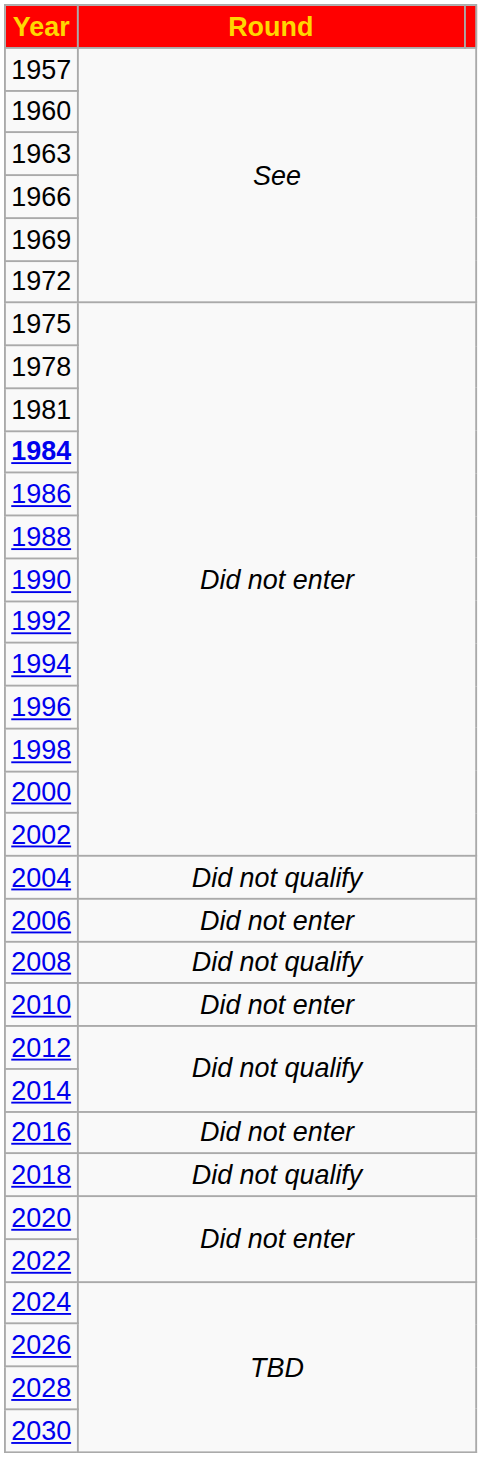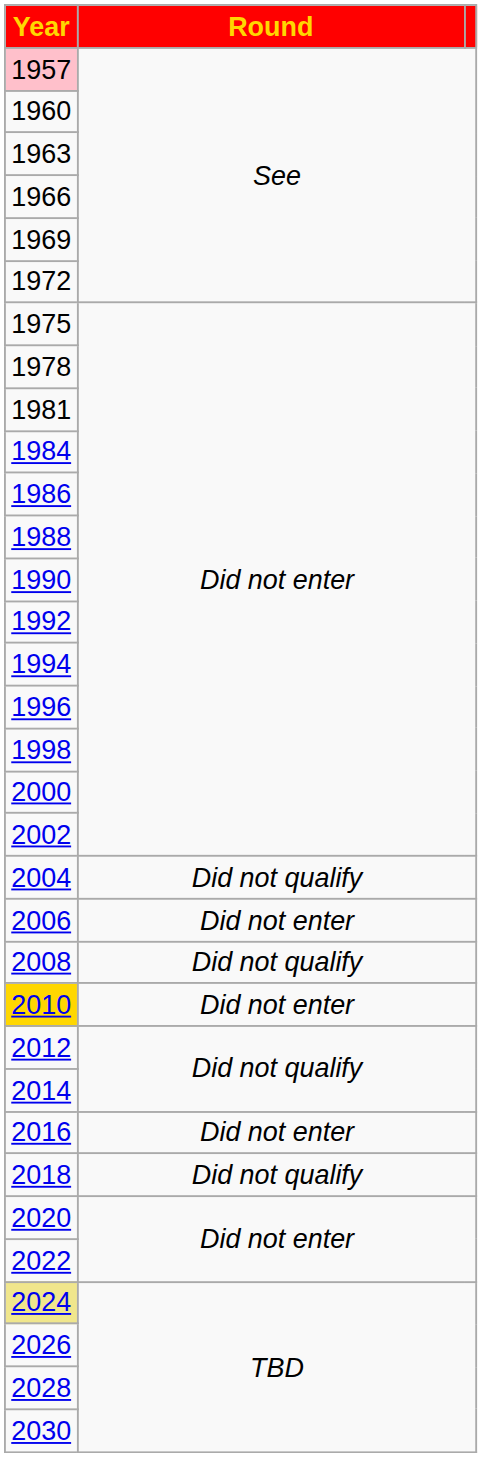 <table class="wikitable" style="text-align: center; font-size:90%">
 <tr style="color:gold;">
 <th style="background:#FF0000;">Year</th>
 <th style="background:#FF0000; width:200px">Round</th>
 <th style="background:#FF0000;"></th>
 </tr>
 <tr>
-<td>1957</td>
+<td style="background: pink;">1957</td>
 <td colspan="2" rowspan="6"><em>See </em></td>
 </tr>
 <tr>
 <td>1960</td>
 </tr>
 <tr>
 <td>1963</td>
 </tr>
 <tr>
 <td>1966</td>
 </tr>
 <tr>
 <td>1969</td>
 </tr>
 <tr>
 <td>1972</td>
 </tr>
 <tr>
 <td>1975</td>
 <td colspan="2" rowspan="13"><em>Did not enter</em></td>
 </tr>
 <tr>
 <td>1978</td>
 </tr>
 <tr>
 <td>1981</td>
 </tr>
 <tr>
-<td><strong><a href='#'>1984</a></strong></td>
+<td><a href='#'>1984</a></td>
 </tr>
 <tr>
 <td><a href='#'>1986</a></td>
 </tr>
 <tr>
 <td><a href='#'>1988</a></td>
 </tr>
 <tr>
 <td><a href='#'>1990</a></td>
 </tr>
 <tr>
 <td><a href='#'>1992</a></td>
 </tr>
 <tr>
 <td><a href='#'>1994</a></td>
 </tr>
 <tr>
 <td><a href='#'>1996</a></td>
 </tr>
 <tr>
 <td><a href='#'>1998</a></td>
 </tr>
 <tr>
 <td><a href='#'>2000</a></td>
 </tr>
 <tr>
 <td><a href='#'>2002</a></td>
 </tr>
 <tr>
 <td><a href='#'>2004</a></td>
 <td colspan="2"><em>Did not qualify</em></td>
 </tr>
 <tr>
 <td><a href='#'>2006</a></td>
 <td colspan="2"><em>Did not enter</em></td>
 </tr>
 <tr>
 <td><a href='#'>2008</a></td>
 <td colspan="2"><em>Did not qualify</em></td>
 </tr>
 <tr>
-<td><a href='#'>2010</a></td>
+<td style="background: gold;"><a href='#'>2010</a></td>
 <td colspan="2"><em>Did not enter</em></td>
 </tr>
 <tr>
 <td><a href='#'>2012</a></td>
 <td colspan="2" rowspan="2"><em>Did not qualify</em></td>
 </tr>
 <tr>
 <td><a href='#'>2014</a></td>
 </tr>
 <tr>
 <td><a href='#'>2016</a></td>
 <td colspan="2"><em>Did not enter</em></td>
 </tr>
 <tr>
 <td><a href='#'>2018</a></td>
 <td colspan="2"><em>Did not qualify</em></td>
 </tr>
 <tr>
 <td><a href='#'>2020</a></td>
 <td colspan="2" rowspan="2"><em>Did not enter</em></td>
 </tr>
 <tr>
 <td><a href='#'>2022</a></td>
 </tr>
 <tr>
-<td><a href='#'>2024</a></td>
+<td style="background: khaki;"><a href='#'>2024</a></td>
 <td colspan="2" rowspan="4"><em>TBD</em></td>
 </tr>
 <tr>
 <td><a href='#'>2026</a></td>
 </tr>
 <tr>
 <td><a href='#'>2028</a></td>
 </tr>
 <tr>
 <td><a href='#'>2030</a></td>
 </tr>
 </table>
